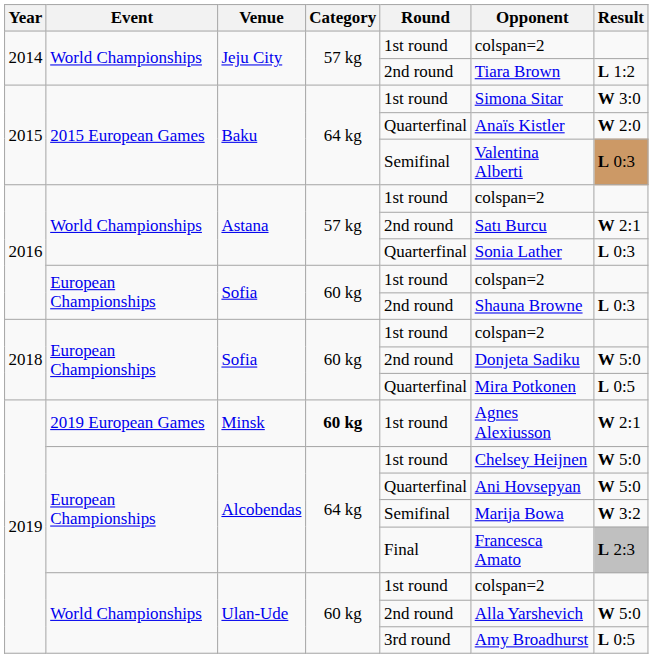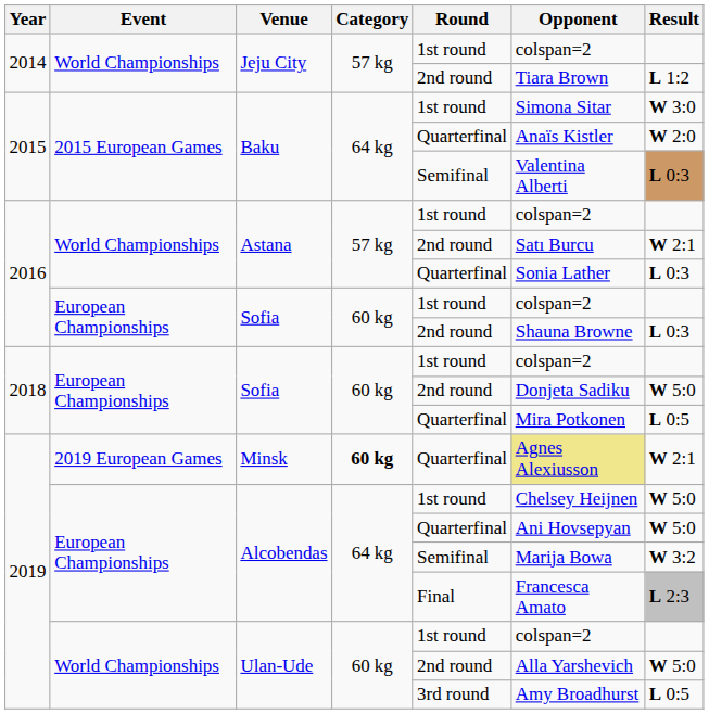 <table Class="wikitable sortable">
 <tr>
 <th>Year</th>
 <th>Event</th>
 <th>Venue</th>
 <th>Category</th>
 <th>Round</th>
 <th>Opponent</th>
 <th>Result</th>
 </tr>
 <tr>
 <td rowspan=2 align=center>2014</td>
 <td rowspan=2><a href='#'>World Championships</a></td>
 <td rowspan="2"> <a href='#'>Jeju City</a></td>
 <td rowspan=2 align=center>57 kg</td>
 <td>1st round</td>
 <td>colspan=2 </td>
 </tr>
 <tr>
 <td>2nd round</td>
 <td> <a href='#'>Tiara Brown</a></td>
 <td><strong>L</strong> 1:2</td>
 </tr>
 <tr>
 <td rowspan=3 align=center>2015</td>
 <td rowspan=3><a href='#'>2015 European Games</a></td>
 <td rowspan=3> <a href='#'>Baku</a></td>
 <td rowspan=3 align=center>64 kg</td>
 <td>1st round</td>
 <td> <a href='#'>Simona Sitar</a></td>
 <td><strong>W</strong> 3:0</td>
 </tr>
 <tr>
 <td>Quarterfinal</td>
 <td> <a href='#'>Anaïs Kistler</a></td>
 <td><strong>W</strong> 2:0</td>
 </tr>
 <tr>
 <td>Semifinal</td>
 <td> <a href='#'>Valentina Alberti</a></td>
 <td bgcolor="cc9966"><strong>L</strong> 0:3</td>
 </tr>
 <tr>
 <td rowspan=5 align=center>2016</td>
 <td rowspan=3><a href='#'>World Championships</a></td>
 <td rowspan=3> <a href='#'>Astana</a></td>
 <td rowspan=3 align=center>57 kg</td>
 <td>1st round</td>
 <td>colspan=2 </td>
 </tr>
 <tr>
 <td>2nd round</td>
 <td> <a href='#'>Satı Burcu</a></td>
 <td><strong>W</strong> 2:1</td>
 </tr>
 <tr>
 <td>Quarterfinal</td>
 <td> <a href='#'>Sonia Lather</a></td>
 <td><strong>L</strong> 0:3</td>
 </tr>
 <tr>
 <td rowspan=2><a href='#'>European Championships</a></td>
 <td rowspan=2> <a href='#'>Sofia</a></td>
 <td rowspan=2 align=center>60 kg</td>
 <td>1st round</td>
 <td>colspan=2 </td>
 </tr>
 <tr>
 <td>2nd round</td>
 <td> <a href='#'>Shauna Browne</a></td>
 <td><strong>L</strong> 0:3</td>
 </tr>
 <tr>
 <td rowspan=3 align=center>2018</td>
 <td rowspan=3><a href='#'>European Championships</a></td>
 <td rowspan=3> <a href='#'>Sofia</a></td>
 <td rowspan=3 align=center>60 kg</td>
 <td>1st round</td>
 <td>colspan=2 </td>
 </tr>
 <tr>
 <td>2nd round</td>
 <td> <a href='#'>Donjeta Sadiku</a></td>
 <td><strong>W</strong> 5:0</td>
 </tr>
 <tr>
 <td>Quarterfinal</td>
 <td> <a href='#'>Mira Potkonen</a></td>
 <td><strong>L</strong> 0:5</td>
 </tr>
 <tr>
 <td rowspan=8 align=center>2019</td>
 <td><a href='#'>2019 European Games</a></td>
 <td> <a href='#'>Minsk</a></td>
 <td align=center><strong>60 kg</strong></td>
-<td>1st round</td>
-<td> <a href='#'>Agnes Alexiusson</a></td>
+<td>Quarterfinal</td>
+<td style="background: khaki;"> <a href='#'>Agnes Alexiusson</a></td>
 <td><strong>W</strong> 2:1</td>
 </tr>
 <tr>
 <td rowspan=4><a href='#'>European Championships</a></td>
 <td rowspan=4> <a href='#'>Alcobendas</a></td>
 <td rowspan=4 align=center>64 kg</td>
 <td>1st round</td>
 <td> <a href='#'>Chelsey Heijnen</a></td>
 <td><strong>W</strong> 5:0</td>
 </tr>
 <tr>
 <td>Quarterfinal</td>
 <td> <a href='#'>Ani Hovsepyan</a></td>
 <td><strong>W</strong> 5:0</td>
 </tr>
 <tr>
 <td>Semifinal</td>
 <td> <a href='#'>Marija Bowa</a></td>
 <td><strong>W</strong> 3:2</td>
 </tr>
 <tr>
 <td>Final</td>
 <td> <a href='#'>Francesca Amato</a></td>
 <td bgcolor="silver"><strong>L</strong> 2:3</td>
 </tr>
 <tr>
 <td rowspan=3><a href='#'>World Championships</a></td>
 <td rowspan=3> <a href='#'>Ulan-Ude</a></td>
 <td rowspan=3 align=center>60 kg</td>
 <td>1st round</td>
 <td>colspan=2 </td>
 </tr>
 <tr>
 <td>2nd round</td>
 <td> <a href='#'>Alla Yarshevich</a></td>
 <td><strong>W</strong> 5:0</td>
 </tr>
 <tr>
 <td>3rd round</td>
 <td> <a href='#'>Amy Broadhurst</a></td>
 <td><strong>L</strong> 0:5</td>
 </tr>
 </table>
